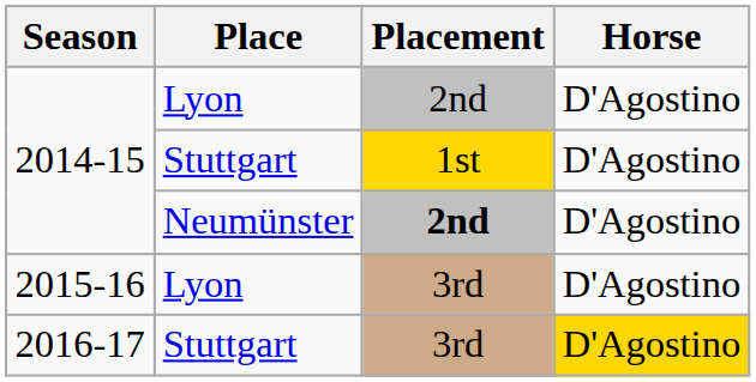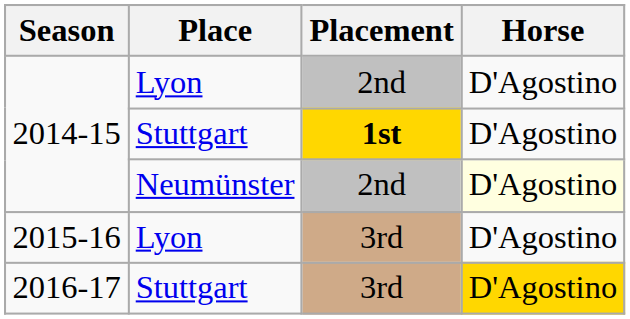 <table class="wikitable sortable">
 <tr>
 <th>Season</th>
 <th>Place</th>
 <th>Placement</th>
 <th>Horse</th>
 </tr>
 <tr>
 <td rowspan="3">2014-15</td>
 <td> <a href='#'>Lyon</a></td>
 <td align=center style="background:silver">2nd</td>
 <td>D'Agostino</td>
 </tr>
 <tr>
 <td> <a href='#'>Stuttgart</a></td>
-<td align=center style="background:gold">1st</td>
+<td align=center style="background:gold"><strong>1st</strong></td>
 <td>D'Agostino</td>
 </tr>
 <tr>
 <td> <a href='#'>Neumünster</a></td>
-<td align=center style="background:silver"><strong>2nd</strong></td>
-<td>D'Agostino</td>
+<td align=center style="background:silver">2nd</td>
+<td style="background: lightyellow;">D'Agostino</td>
 </tr>
 <tr>
 <td>2015-16</td>
 <td> <a href='#'>Lyon</a></td>
 <td align=center style="background:#cfaa88;">3rd</td>
 <td>D'Agostino</td>
 </tr>
 <tr>
 <td>2016-17</td>
 <td> <a href='#'>Stuttgart</a></td>
 <td align=center style="background:#cfaa88;">3rd</td>
 <td style="background: gold;">D'Agostino</td>
 </tr>
 </table>
